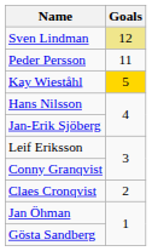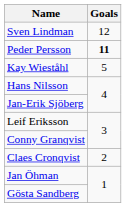 <table class="wikitable">
 <tr>
 <th>Name</th>
 <th>Goals</th>
 </tr>
 <tr>
 <td> <a href='#'>Sven Lindman</a></td>
-<td style="background: khaki; text-align:center;">12</td>
+<td style="text-align:center;">12</td>
 </tr>
 <tr>
 <td> <a href='#'>Peder Persson</a></td>
-<td style="text-align:center;">11</td>
+<td style="text-align:center;"><strong>11</strong></td>
 </tr>
 <tr>
 <td> <a href='#'>Kay Wieståhl</a></td>
-<td style="background: gold; text-align:center;">5</td>
+<td style="text-align:center;">5</td>
 </tr>
 <tr>
 <td> <a href='#'>Hans Nilsson</a></td>
 <td rowspan="2" style="text-align:center;">4</td>
 </tr>
 <tr>
 <td> <a href='#'>Jan-Erik Sjöberg</a></td>
 </tr>
 <tr>
 <td> Leif Eriksson</td>
 <td rowspan="2" style="text-align:center;">3</td>
 </tr>
 <tr>
 <td> <a href='#'>Conny Granqvist</a></td>
 </tr>
 <tr>
 <td> <a href='#'>Claes Cronqvist</a></td>
 <td style="text-align:center;">2</td>
 </tr>
 <tr>
 <td> <a href='#'>Jan Öhman</a></td>
 <td rowspan="2" style="text-align:center;">1</td>
 </tr>
 <tr>
 <td> <a href='#'>Gösta Sandberg</a></td>
 </tr>
 </table>
